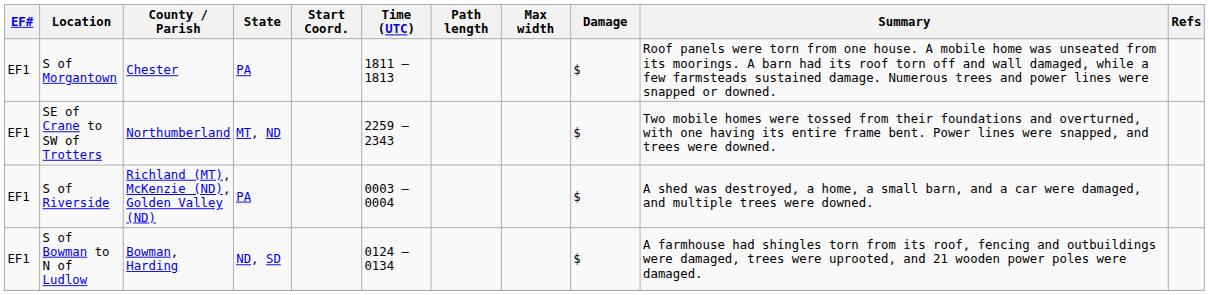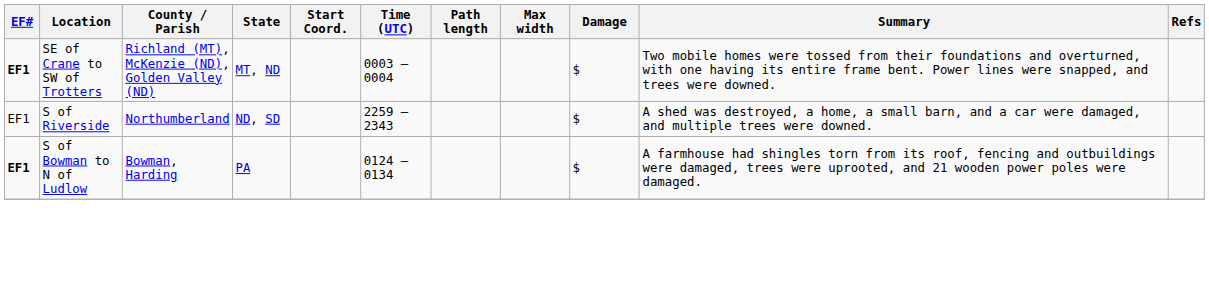 <table class="wikitable sortable" style="width:100%;">
 <tr>
 <th scope="col" width="3%" align="center"><a href='#'>EF#</a></th>
 <th scope="col" width="7%" align="center" class="unsortable">Location</th>
 <th scope="col" width="6%" align="center" class="unsortable">County / Parish</th>
 <th scope="col" width="5%" align="center">State</th>
 <th scope="col" width="6%" align="center">Start Coord.</th>
 <th scope="col" width="6%" align="center">Time (<a href='#'>UTC</a>)</th>
 <th scope="col" width="6%" align="center">Path length</th>
 <th scope="col" width="6%" align="center">Max width</th>
 <th scope="col" width="6%" align="center">Damage</th>
 <th scope="col" width="48%" class="unsortable" align="center">Summary</th>
 <th scope="col" width="48%" class="unsortable" align="center">Refs</th>
 </tr>
 <tr>
-<td>EF1</td>
-<td>S of <a href='#'>Morgantown</a></td>
-<td><a href='#'>Chester</a></td>
-<td><a href='#'>PA</a></td>
-<td></td>
-<td>1811 – 1813</td>
-<td></td>
-<td></td>
-<td>$</td>
-<td>Roof panels were torn from one house. A mobile home was unseated from its moorings. A barn had its roof torn off and wall damaged, while a few farmsteads sustained damage. Numerous trees and power lines were snapped or downed.</td>
-<td></td>
-</tr>
-<tr>
-<td>EF1</td>
+<td><strong>EF1</strong></td>
 <td>SE of <a href='#'>Crane</a> to SW of <a href='#'>Trotters</a></td>
-<td><a href='#'>Northumberland</a></td>
+<td><a href='#'>Richland (MT)</a>, <a href='#'>McKenzie (ND)</a>, <a href='#'>Golden Valley (ND)</a></td>
 <td><a href='#'>MT</a>, <a href='#'>ND</a></td>
 <td></td>
-<td>2259 – 2343</td>
+<td>0003 – 0004</td>
 <td></td>
 <td></td>
 <td>$</td>
 <td>Two mobile homes were tossed from their foundations and overturned, with one having its entire frame bent. Power lines were snapped, and trees were downed.</td>
 <td><br></td>
 </tr>
 <tr>
 <td>EF1</td>
 <td>S of <a href='#'>Riverside</a></td>
-<td><a href='#'>Richland (MT)</a>, <a href='#'>McKenzie (ND)</a>, <a href='#'>Golden Valley (ND)</a></td>
-<td><a href='#'>PA</a></td>
+<td><a href='#'>Northumberland</a></td>
+<td><a href='#'>ND</a>, <a href='#'>SD</a></td>
 <td></td>
-<td>0003 – 0004</td>
+<td>2259 – 2343</td>
 <td></td>
 <td></td>
 <td>$</td>
 <td>A shed was destroyed, a home, a small barn, and a car were damaged, and multiple trees were downed.</td>
 <td></td>
 </tr>
 <tr>
-<td>EF1</td>
+<td><strong>EF1</strong></td>
 <td>S of <a href='#'>Bowman</a> to N of <a href='#'>Ludlow</a></td>
 <td><a href='#'>Bowman</a>, <a href='#'>Harding</a></td>
-<td><a href='#'>ND</a>, <a href='#'>SD</a></td>
+<td><a href='#'>PA</a></td>
 <td></td>
 <td>0124 – 0134</td>
 <td></td>
 <td></td>
 <td>$</td>
 <td>A farmhouse had shingles torn from its roof, fencing and outbuildings were damaged, trees were uprooted, and 21 wooden power poles were damaged.</td>
 <td></td>
 </tr>
 <tr>
 </tr>
 </table>
